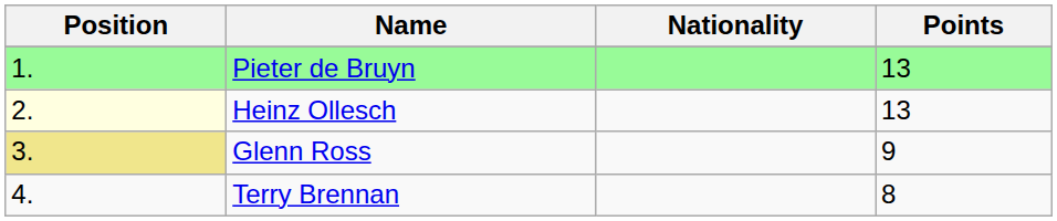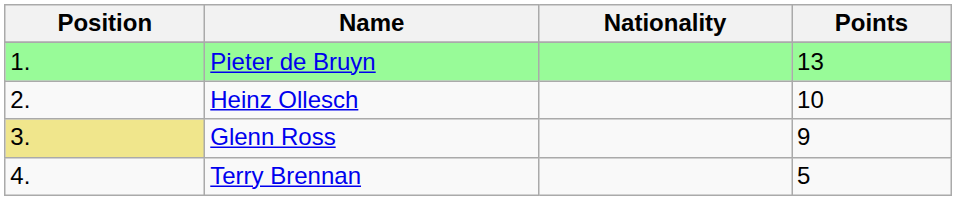 <table class="wikitable" style="display: inline-table; width: 50%;">
 <tr>
 <th>Position</th>
 <th>Name</th>
 <th>Nationality</th>
 <th>Points</th>
 </tr>
 <tr>
 </tr>
 <tr bgcolor=palegreen>
 <td>1.</td>
 <td><a href='#'>Pieter de Bruyn</a></td>
 <td></td>
 <td>13</td>
 </tr>
 <tr>
-<td style="background: lightyellow;">2.</td>
+<td>2.</td>
 <td><a href='#'>Heinz Ollesch</a></td>
 <td></td>
-<td>13</td>
+<td>10</td>
 </tr>
 <tr>
 <td style="background: khaki;">3.</td>
 <td><a href='#'>Glenn Ross</a></td>
 <td></td>
 <td>9</td>
 </tr>
 <tr>
 <td>4.</td>
 <td><a href='#'>Terry Brennan</a></td>
 <td></td>
-<td>8</td>
+<td>5</td>
 </tr>
 </table>
